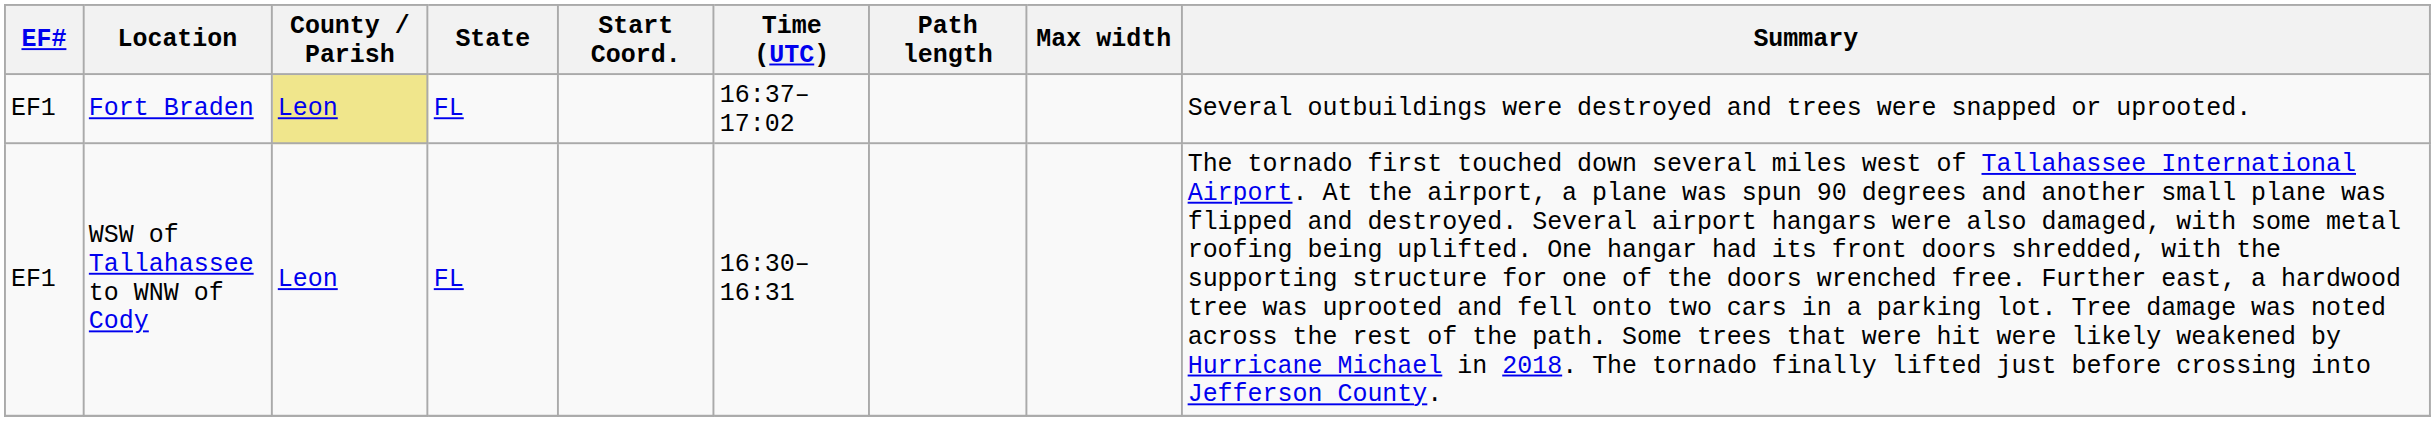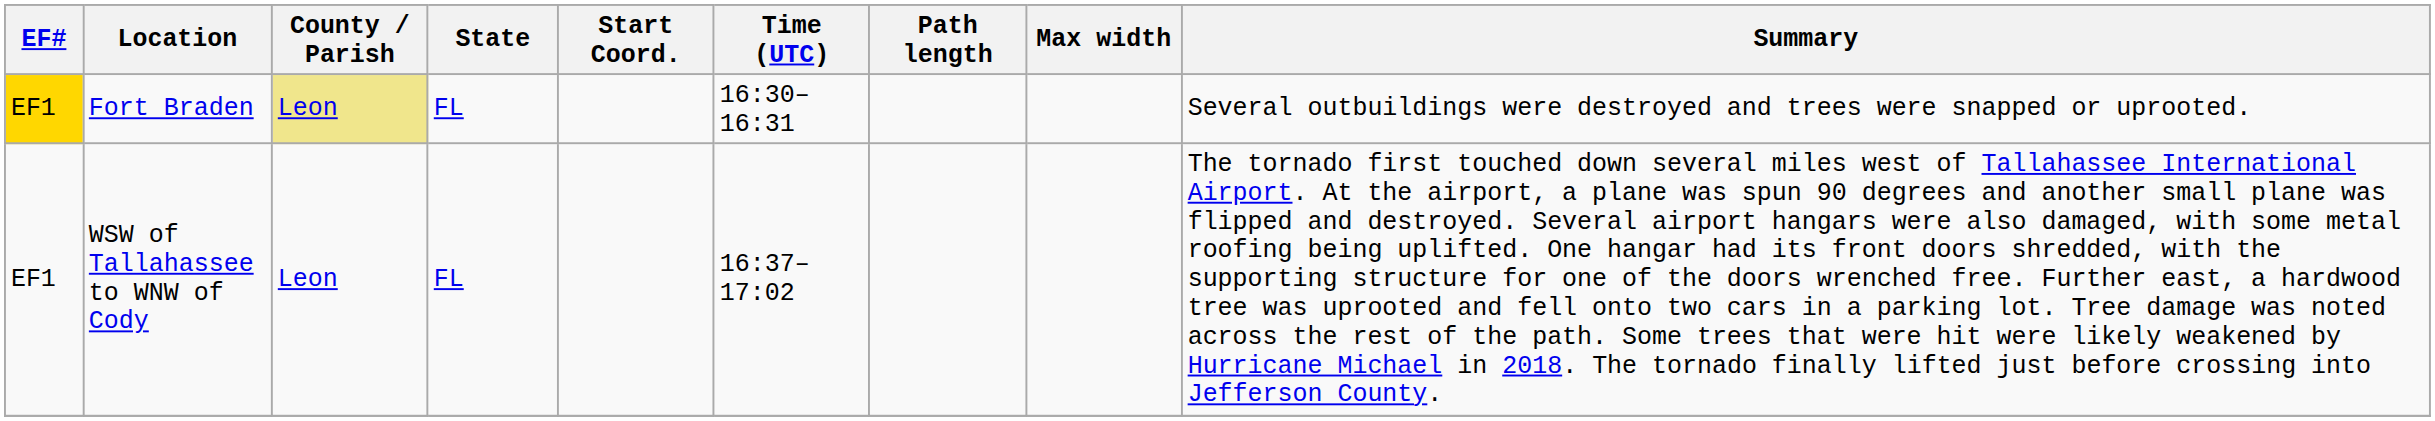 <table class="wikitable sortable" style="width:100%;">
 <tr>
 <th scope="col"  style="width:3%; text-align:center;"><a href='#'>EF#</a></th>
 <th scope="col"  style="width:7%; text-align:center;" class="unsortable">Location</th>
 <th scope="col"  style="width:6%; text-align:center;" class="unsortable">County / Parish</th>
 <th scope="col"  style="width:5%; text-align:center;">State</th>
 <th scope="col"  style="width:6%; text-align:center;">Start Coord.</th>
 <th scope="col"  style="width:6%; text-align:center;">Time (<a href='#'>UTC</a>)</th>
 <th scope="col"  style="width:6%; text-align:center;">Path length</th>
 <th scope="col"  style="width:6%; text-align:center;">Max width</th>
 <th scope="col" class="unsortable" style="width:48%; text-align:center;">Summary</th>
 </tr>
 <tr>
-<td>EF1</td>
+<td style="background: gold;">EF1</td>
 <td><a href='#'>Fort Braden</a></td>
 <td style="background: khaki;"><a href='#'>Leon</a></td>
 <td><a href='#'>FL</a></td>
 <td></td>
-<td>16:37–17:02</td>
+<td>16:30–16:31</td>
 <td></td>
 <td></td>
 <td>Several outbuildings were destroyed and trees were snapped or uprooted.</td>
 </tr>
 <tr>
 <td>EF1</td>
 <td>WSW of <a href='#'>Tallahassee</a> to WNW of <a href='#'>Cody</a></td>
 <td><a href='#'>Leon</a></td>
 <td><a href='#'>FL</a></td>
 <td></td>
-<td>16:30–16:31</td>
+<td>16:37–17:02</td>
 <td></td>
 <td></td>
 <td>The tornado first touched down several miles west of <a href='#'>Tallahassee International Airport</a>. At the airport, a plane was spun 90 degrees and another small plane was flipped and destroyed. Several airport hangars were also damaged, with some metal roofing being uplifted. One hangar had its front doors shredded, with the supporting structure for one of the doors wrenched free. Further east, a hardwood tree was uprooted and fell onto two cars in a parking lot. Tree damage was noted across the rest of the path. Some trees that were hit were likely weakened by <a href='#'>Hurricane Michael</a> in <a href='#'>2018</a>. The tornado finally lifted just before crossing into <a href='#'>Jefferson County</a>.</td>
 </tr>
 <tr>
 </tr>
 </table>
